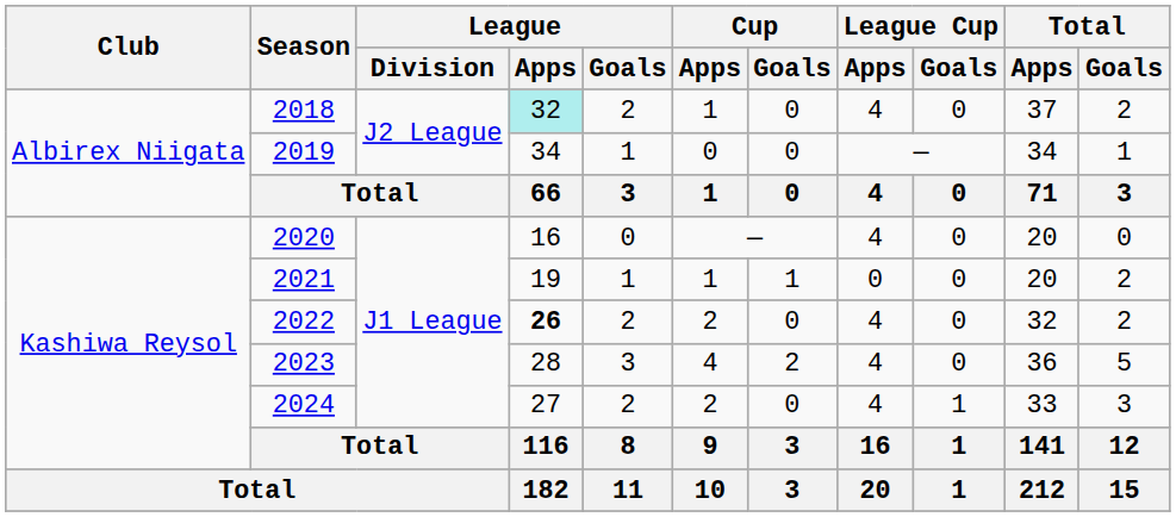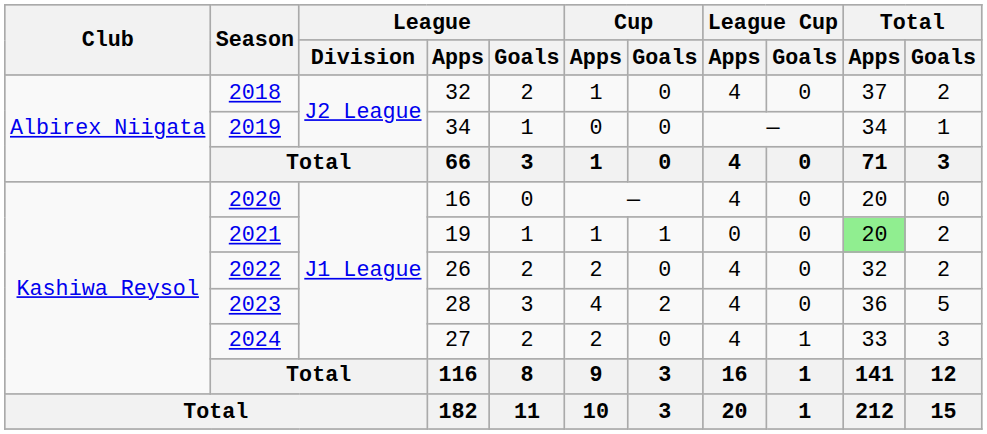 <table class="wikitable" style="text-align:center;">
 <tr>
 <th rowspan=2>Club</th>
 <th rowspan=2>Season</th>
 <th colspan=3>League</th>
 <th colspan=2>Cup</th>
 <th colspan=2>League Cup</th>
 <th colspan=2>Total</th>
 </tr>
 <tr>
 <th>Division</th>
 <th>Apps</th>
 <th>Goals</th>
 <th>Apps</th>
 <th>Goals</th>
 <th>Apps</th>
 <th>Goals</th>
 <th>Apps</th>
 <th>Goals</th>
 </tr>
 <tr>
 <td rowspan="3"><a href='#'>Albirex Niigata</a></td>
 <td><a href='#'>2018</a></td>
 <td rowspan="2"><a href='#'>J2 League</a></td>
-<td style="background: paleturquoise;">32</td>
+<td>32</td>
 <td>2</td>
 <td>1</td>
 <td>0</td>
 <td>4</td>
 <td>0</td>
 <td>37</td>
 <td>2</td>
 </tr>
 <tr>
 <td><a href='#'>2019</a></td>
 <td>34</td>
 <td>1</td>
 <td>0</td>
 <td>0</td>
 <td colspan="2">—</td>
 <td>34</td>
 <td>1</td>
 </tr>
 <tr>
 <th colspan=2>Total</th>
 <th>66</th>
 <th>3</th>
 <th>1</th>
 <th>0</th>
 <th>4</th>
 <th>0</th>
 <th>71</th>
 <th>3</th>
 </tr>
 <tr>
 <td rowspan="6"><a href='#'>Kashiwa Reysol</a></td>
 <td><a href='#'>2020</a></td>
 <td rowspan="5"><a href='#'>J1 League</a></td>
 <td>16</td>
 <td>0</td>
 <td colspan="2">—</td>
 <td>4</td>
 <td>0</td>
 <td>20</td>
 <td>0</td>
 </tr>
 <tr>
 <td><a href='#'>2021</a></td>
 <td>19</td>
 <td>1</td>
 <td>1</td>
 <td>1</td>
 <td>0</td>
 <td>0</td>
-<td>20</td>
+<td style="background: lightgreen;">20</td>
 <td>2</td>
 </tr>
 <tr>
 <td><a href='#'>2022</a></td>
-<td><strong>26</strong></td>
+<td>26</td>
 <td>2</td>
 <td>2</td>
 <td>0</td>
 <td>4</td>
 <td>0</td>
 <td>32</td>
 <td>2</td>
 </tr>
 <tr>
 <td><a href='#'>2023</a></td>
 <td>28</td>
 <td>3</td>
 <td>4</td>
 <td>2</td>
 <td>4</td>
 <td>0</td>
 <td>36</td>
 <td>5</td>
 </tr>
 <tr>
 <td><a href='#'>2024</a></td>
 <td>27</td>
 <td>2</td>
 <td>2</td>
 <td>0</td>
 <td>4</td>
 <td>1</td>
 <td>33</td>
 <td>3</td>
 </tr>
 <tr>
 <th colspan=2>Total</th>
 <th>116</th>
 <th>8</th>
 <th>9</th>
 <th>3</th>
 <th>16</th>
 <th>1</th>
 <th>141</th>
 <th>12</th>
 </tr>
 <tr>
 <th colspan=3>Total</th>
 <th>182</th>
 <th>11</th>
 <th>10</th>
 <th>3</th>
 <th>20</th>
 <th>1</th>
 <th>212</th>
 <th>15</th>
 </tr>
 </table>
